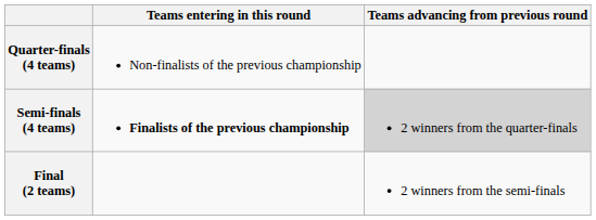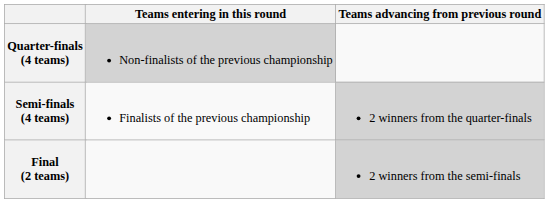 <table class="wikitable">
 <tr>
 <th colspan=2></th>
 <th>Teams entering in this round</th>
 <th>Teams advancing from previous round</th>
 </tr>
 <tr>
 <th colspan=2>Quarter-finals<br>(4 teams)</th>
-<td><br><ul><li>Non-finalists of the previous championship</li></ul></td>
+<td style="background: lightgrey;"><br><ul><li>Non-finalists of the previous championship</li></ul></td>
 <td></td>
 </tr>
 <tr>
 <th colspan=2>Semi-finals<br>(4 teams)</th>
-<td><strong><br><ul><li>Finalists of the previous championship</li></ul></strong></td>
+<td><br><ul><li>Finalists of the previous championship</li></ul></td>
 <td style="background: lightgrey;"><br><ul><li>2 winners from the quarter-finals</li></ul></td>
 </tr>
 <tr>
 <th colspan=2>Final<br>(2 teams)</th>
 <td></td>
-<td><br><ul><li>2 winners from the semi-finals</li></ul></td>
+<td style="background: lightgrey;"><br><ul><li>2 winners from the semi-finals</li></ul></td>
 </tr>
 </table>
